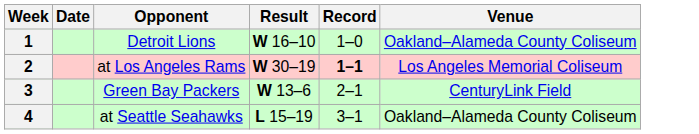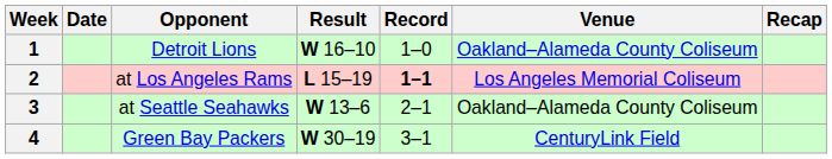 <table class="wikitable" style="text-align:center">
 <tr>
 <th>Week</th>
 <th>Date</th>
 <th>Opponent</th>
 <th>Result</th>
 <th>Record</th>
 <th>Venue</th>
+<th>Recap</th>
 </tr>
 <tr style="background:#cfc">
 <th>1</th>
 <td></td>
 <td><a href='#'>Detroit Lions</a></td>
 <td><strong>W</strong> 16–10</td>
 <td>1–0</td>
 <td><a href='#'>Oakland–Alameda County Coliseum</a></td>
+<td></td>
 </tr>
 <tr style="background:#fcc">
 <th>2</th>
 <td></td>
 <td>at <a href='#'>Los Angeles Rams</a></td>
-<td><strong>W</strong> 30–19</td>
+<td><strong>L</strong> 15–19</td>
 <td><strong>1–1</strong></td>
 <td><a href='#'>Los Angeles Memorial Coliseum</a></td>
+<td></td>
 </tr>
 <tr style="background:#cfc">
 <th>3</th>
 <td></td>
-<td><a href='#'>Green Bay Packers</a></td>
+<td>at <a href='#'>Seattle Seahawks</a></td>
 <td><strong>W</strong> 13–6</td>
 <td>2–1</td>
-<td><a href='#'>CenturyLink Field</a></td>
+<td>Oakland–Alameda County Coliseum</td>
+<td></td>
 </tr>
 <tr style="background:#cfc">
 <th>4</th>
 <td></td>
-<td>at <a href='#'>Seattle Seahawks</a></td>
-<td><strong>L</strong> 15–19</td>
+<td><a href='#'>Green Bay Packers</a></td>
+<td><strong>W</strong> 30–19</td>
 <td>3–1</td>
-<td>Oakland–Alameda County Coliseum</td>
+<td><a href='#'>CenturyLink Field</a></td>
+<td></td>
 </tr>
 </table>
